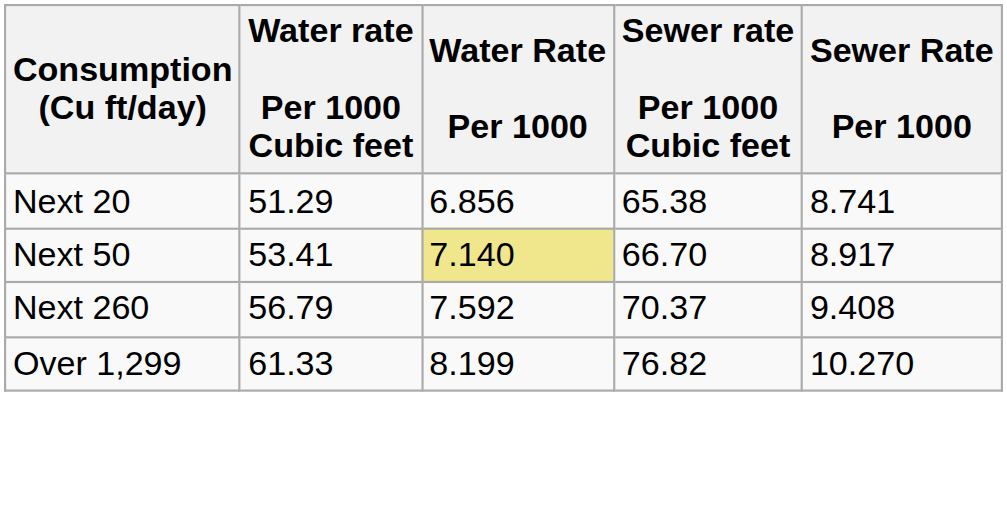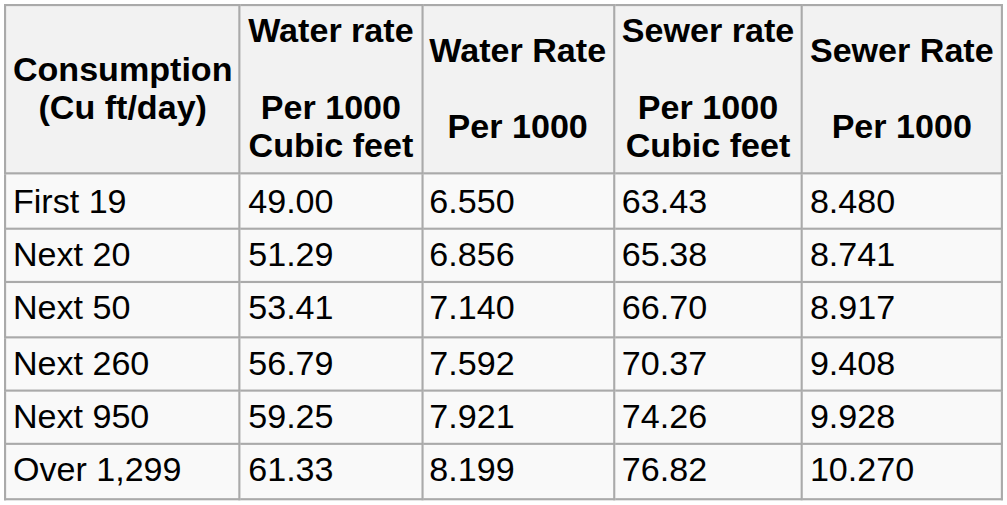 <table class="wikitable">
 <tr>
 <th>Consumption<br>(Cu ft/day)</th>
 <th>Water rate<br><br>Per 1000<br> Cubic feet</th>
 <th>Water Rate<br><br>Per 1000<br></th>
 <th>Sewer rate<br><br>Per 1000<br> Cubic feet</th>
 <th>Sewer Rate<br><br>Per 1000<br></th>
+</tr>
+<tr>
+<td>First 19</td>
+<td>49.00</td>
+<td>6.550</td>
+<td>63.43</td>
+<td>8.480</td>
 </tr>
 <tr>
 <td>Next 20</td>
 <td>51.29</td>
 <td>6.856</td>
 <td>65.38</td>
 <td>8.741</td>
 </tr>
 <tr>
 <td>Next 50</td>
 <td>53.41</td>
-<td style="background: khaki;">7.140</td>
+<td>7.140</td>
 <td>66.70</td>
 <td>8.917</td>
 </tr>
 <tr>
 <td>Next 260</td>
 <td>56.79</td>
 <td>7.592</td>
 <td>70.37</td>
 <td>9.408</td>
 </tr>
 <tr>
+<td>Next 950</td>
+<td>59.25</td>
+<td>7.921</td>
+<td>74.26</td>
+<td>9.928</td>
+</tr>
+<tr>
 <td>Over 1,299</td>
 <td>61.33</td>
 <td>8.199</td>
 <td>76.82</td>
 <td>10.270</td>
 </tr>
 </table>
